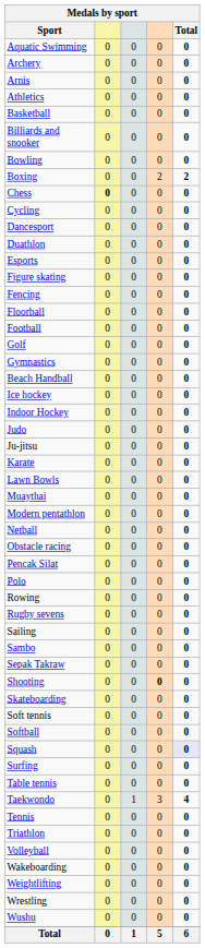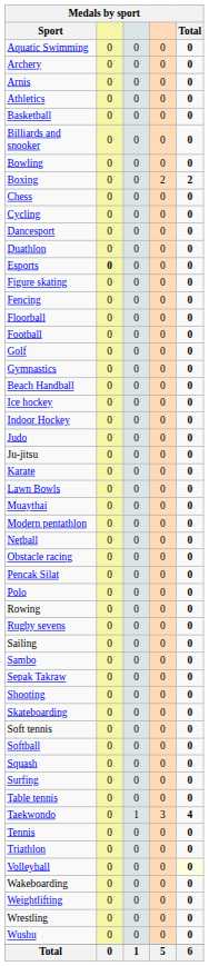 <table class="wikitable" style="font-size:90%; text-align:center;">
 <tr>
 <th colspan=5>Medals by sport</th>
 </tr>
 <tr>
 <th width=120>Sport</th>
 <th scope="col" width=30 style="background:#F7F6A8;"></th>
 <th scope="col" width=30 style="background:#DCE5E5;"></th>
 <th scope="col" width=30 style="background:#FFDAB9;"></th>
 <th width=30>Total</th>
 </tr>
 <tr>
 <td align="left"><a href='#'>Aquatic Swimming</a></td>
 <td style="background:#F7F6A8;">0</td>
 <td style="background:#DCE5E5;">0</td>
 <td style="background:#FFDAB9;">0</td>
 <td><strong>0</strong></td>
 </tr>
 <tr>
 <td align=left><a href='#'>Archery</a></td>
 <td style="background:#F7F6A8;">0</td>
 <td style="background:#DCE5E5;">0</td>
 <td style="background:#FFDAB9;">0</td>
 <td><strong>0</strong></td>
 </tr>
 <tr>
 <td align=left><a href='#'>Arnis</a></td>
 <td style="background:#F7F6A8;">0</td>
 <td style="background:#DCE5E5;">0</td>
 <td style="background:#FFDAB9;">0</td>
 <td><strong>0</strong></td>
 </tr>
 <tr>
 <td align=left><a href='#'>Athletics</a></td>
 <td style="background:#F7F6A8;">0</td>
 <td style="background:#DCE5E5;">0</td>
 <td style="background:#FFDAB9;">0</td>
 <td><strong>0</strong></td>
 </tr>
 <tr>
 <td align=left><a href='#'>Basketball</a></td>
 <td style="background:#F7F6A8;">0</td>
 <td style="background:#DCE5E5;">0</td>
 <td style="background:#FFDAB9;">0</td>
 <td><strong>0</strong></td>
 </tr>
 <tr>
 <td align=left><a href='#'>Billiards and snooker</a></td>
 <td style="background:#F7F6A8;">0</td>
 <td style="background:#DCE5E5;">0</td>
 <td style="background:#FFDAB9;">0</td>
 <td><strong>0</strong></td>
 </tr>
 <tr>
 <td align=left><a href='#'>Bowling</a></td>
 <td style="background:#F7F6A8;">0</td>
 <td style="background:#DCE5E5;">0</td>
 <td style="background:#FFDAB9;">0</td>
 <td><strong>0</strong></td>
 </tr>
 <tr>
 <td align=left><a href='#'>Boxing</a></td>
 <td style="background:#F7F6A8;">0</td>
 <td style="background:#DCE5E5;">0</td>
 <td style="background:#FFDAB9;">2</td>
 <td><strong>2</strong></td>
 </tr>
 <tr>
 <td align=left><a href='#'>Chess</a></td>
-<td style="background:#F7F6A8;"><strong>0</strong></td>
+<td style="background:#F7F6A8;">0</td>
 <td style="background:#DCE5E5;">0</td>
 <td style="background:#FFDAB9;">0</td>
 <td><strong>0</strong></td>
 </tr>
 <tr>
 <td align=left><a href='#'>Cycling</a></td>
 <td style="background:#F7F6A8;">0</td>
 <td style="background:#DCE5E5;">0</td>
 <td style="background:#FFDAB9;">0</td>
 <td><strong>0</strong></td>
 </tr>
 <tr>
 <td align=left><a href='#'>Dancesport</a></td>
 <td style="background:#F7F6A8;">0</td>
 <td style="background:#DCE5E5;">0</td>
 <td style="background:#FFDAB9;">0</td>
 <td><strong>0</strong></td>
 </tr>
 <tr>
 <td align=left><a href='#'>Duathlon</a></td>
 <td style="background:#F7F6A8;">0</td>
 <td style="background:#DCE5E5;">0</td>
 <td style="background:#FFDAB9;">0</td>
 <td><strong>0</strong></td>
 </tr>
 <tr>
 <td align=left><a href='#'>Esports</a></td>
-<td style="background:#F7F6A8;">0</td>
+<td style="background:#F7F6A8;"><strong>0</strong></td>
 <td style="background:#DCE5E5;">0</td>
 <td style="background:#FFDAB9;">0</td>
 <td><strong>0</strong></td>
 </tr>
 <tr>
 <td align=left><a href='#'>Figure skating</a></td>
 <td style="background:#F7F6A8;">0</td>
 <td style="background:#DCE5E5;">0</td>
 <td style="background:#FFDAB9;">0</td>
 <td><strong>0</strong></td>
 </tr>
 <tr>
 <td align=left><a href='#'>Fencing</a></td>
 <td style="background:#F7F6A8;">0</td>
 <td style="background:#DCE5E5;">0</td>
 <td style="background:#FFDAB9;">0</td>
 <td><strong>0</strong></td>
 </tr>
 <tr>
 <td align=left><a href='#'>Floorball</a></td>
 <td style="background:#F7F6A8;">0</td>
 <td style="background:#DCE5E5;">0</td>
 <td style="background:#FFDAB9;">0</td>
 <td><strong>0</strong></td>
 </tr>
 <tr>
 <td align=left><a href='#'>Football</a></td>
 <td style="background:#F7F6A8;">0</td>
 <td style="background:#DCE5E5;">0</td>
 <td style="background:#FFDAB9;">0</td>
 <td><strong>0</strong></td>
 </tr>
 <tr>
 <td align=left><a href='#'>Golf</a></td>
 <td style="background:#F7F6A8;">0</td>
 <td style="background:#DCE5E5;">0</td>
 <td style="background:#FFDAB9;">0</td>
 <td><strong>0</strong></td>
 </tr>
 <tr>
 <td align=left><a href='#'>Gymnastics</a></td>
 <td style="background:#F7F6A8;">0</td>
 <td style="background:#DCE5E5;">0</td>
 <td style="background:#FFDAB9;">0</td>
 <td><strong>0</strong></td>
 </tr>
 <tr>
 <td align=left><a href='#'>Beach Handball</a></td>
 <td style="background:#F7F6A8;">0</td>
 <td style="background:#DCE5E5;">0</td>
 <td style="background:#FFDAB9;">0</td>
 <td><strong>0</strong></td>
 </tr>
 <tr>
 <td align=left><a href='#'>Ice hockey</a></td>
 <td style="background:#F7F6A8;">0</td>
 <td style="background:#DCE5E5;">0</td>
 <td style="background:#FFDAB9;">0</td>
 <td><strong>0</strong></td>
 </tr>
 <tr>
 <td align=left><a href='#'>Indoor Hockey</a></td>
 <td style="background:#F7F6A8;">0</td>
 <td style="background:#DCE5E5;">0</td>
 <td style="background:#FFDAB9;">0</td>
 <td><strong>0</strong></td>
 </tr>
 <tr>
 <td align=left><a href='#'>Judo</a></td>
 <td style="background:#F7F6A8;">0</td>
 <td style="background:#DCE5E5;">0</td>
 <td style="background:#FFDAB9;">0</td>
 <td><strong>0</strong></td>
 </tr>
 <tr>
 <td align=left>Ju-jitsu</td>
 <td style="background:#F7F6A8;">0</td>
 <td style="background:#DCE5E5;">0</td>
 <td style="background:#FFDAB9;">0</td>
 <td><strong>0</strong></td>
 </tr>
 <tr>
 <td align=left><a href='#'>Karate</a></td>
 <td style="background:#F7F6A8;">0</td>
 <td style="background:#DCE5E5;">0</td>
 <td style="background:#FFDAB9;">0</td>
 <td><strong>0</strong></td>
 </tr>
 <tr>
 <td align=left><a href='#'>Lawn Bowls</a></td>
 <td style="background:#F7F6A8;">0</td>
 <td style="background:#DCE5E5;">0</td>
 <td style="background:#FFDAB9;">0</td>
 <td><strong>0</strong></td>
 </tr>
 <tr>
 <td align=left><a href='#'>Muaythai</a></td>
 <td style="background:#F7F6A8;">0</td>
 <td style="background:#DCE5E5;">0</td>
 <td style="background:#FFDAB9;">0</td>
 <td><strong>0</strong></td>
 </tr>
 <tr>
 <td align=left><a href='#'>Modern pentathlon</a></td>
 <td style="background:#F7F6A8;">0</td>
 <td style="background:#DCE5E5;">0</td>
 <td style="background:#FFDAB9;">0</td>
 <td><strong>0</strong></td>
 </tr>
 <tr>
 <td align=left><a href='#'>Netball</a></td>
 <td style="background:#F7F6A8;">0</td>
 <td style="background:#DCE5E5;">0</td>
 <td style="background:#FFDAB9;">0</td>
 <td><strong>0</strong></td>
 </tr>
 <tr>
 <td align=left><a href='#'>Obstacle racing</a></td>
 <td style="background:#F7F6A8;">0</td>
 <td style="background:#DCE5E5;">0</td>
 <td style="background:#FFDAB9;">0</td>
 <td><strong>0</strong></td>
 </tr>
 <tr>
 <td align=left><a href='#'>Pencak Silat</a></td>
 <td style="background:#F7F6A8;">0</td>
 <td style="background:#DCE5E5;">0</td>
 <td style="background:#FFDAB9;">0</td>
 <td><strong>0</strong></td>
 </tr>
 <tr>
 <td align=left><a href='#'>Polo</a></td>
 <td style="background:#F7F6A8;">0</td>
 <td style="background:#DCE5E5;">0</td>
 <td style="background:#FFDAB9;">0</td>
 <td><strong>0</strong></td>
 </tr>
 <tr>
 <td align=left>Rowing</td>
 <td style="background:#F7F6A8;">0</td>
 <td style="background:#DCE5E5;">0</td>
 <td style="background:#FFDAB9;">0</td>
 <td><strong>0</strong></td>
 </tr>
 <tr>
 <td align=left><a href='#'>Rugby sevens</a></td>
 <td style="background:#F7F6A8;">0</td>
 <td style="background:#DCE5E5;">0</td>
 <td style="background:#FFDAB9;">0</td>
 <td><strong>0</strong></td>
 </tr>
 <tr>
 <td align=left>Sailing</td>
 <td style="background:#F7F6A8;">0</td>
 <td style="background:#DCE5E5;">0</td>
 <td style="background:#FFDAB9;">0</td>
 <td><strong>0</strong></td>
 </tr>
 <tr>
 <td align=left><a href='#'>Sambo</a></td>
 <td style="background:#F7F6A8;">0</td>
 <td style="background:#DCE5E5;">0</td>
 <td style="background:#FFDAB9;">0</td>
 <td><strong>0</strong></td>
 </tr>
 <tr>
 <td align=left><a href='#'>Sepak Takraw</a></td>
 <td style="background:#F7F6A8;">0</td>
 <td style="background:#DCE5E5;">0</td>
 <td style="background:#FFDAB9;">0</td>
 <td><strong>0</strong></td>
 </tr>
 <tr>
 <td align=left><a href='#'>Shooting</a></td>
 <td style="background:#F7F6A8;">0</td>
 <td style="background:#DCE5E5;">0</td>
-<td style="background:#FFDAB9;"><strong>0</strong></td>
+<td style="background:#FFDAB9;">0</td>
 <td><strong>0</strong></td>
 </tr>
 <tr>
 <td align=left><a href='#'>Skateboarding</a></td>
 <td style="background:#F7F6A8;">0</td>
 <td style="background:#DCE5E5;">0</td>
 <td style="background:#FFDAB9;">0</td>
 <td><strong>0</strong></td>
 </tr>
 <tr>
 <td align=left>Soft tennis</td>
 <td style="background:#F7F6A8;">0</td>
 <td style="background:#DCE5E5;">0</td>
 <td style="background:#FFDAB9;">0</td>
 <td><strong>0</strong></td>
 </tr>
 <tr>
 <td align=left><a href='#'>Softball</a></td>
 <td style="background:#F7F6A8;">0</td>
 <td style="background:#DCE5E5;">0</td>
 <td style="background:#FFDAB9;">0</td>
 <td><strong>0</strong></td>
 </tr>
 <tr>
 <td align=left><a href='#'>Squash</a></td>
 <td style="background:#F7F6A8;">0</td>
 <td style="background:#DCE5E5;">0</td>
 <td style="background:#FFDAB9;">0</td>
-<td style="background: lavender;"><strong>0</strong></td>
+<td><strong>0</strong></td>
 </tr>
 <tr>
 <td align=left><a href='#'>Surfing</a></td>
 <td style="background:#F7F6A8;">0</td>
 <td style="background:#DCE5E5;">0</td>
 <td style="background:#FFDAB9;">0</td>
 <td><strong>0</strong></td>
 </tr>
 <tr>
 <td align=left><a href='#'>Table tennis</a></td>
 <td style="background:#F7F6A8;">0</td>
 <td style="background:#DCE5E5;">0</td>
 <td style="background:#FFDAB9;">0</td>
 <td><strong>0</strong></td>
 </tr>
 <tr>
 <td align=left><a href='#'>Taekwondo</a></td>
 <td style="background:#F7F6A8;">0</td>
 <td style="background:#DCE5E5;">1</td>
 <td style="background:#FFDAB9;">3</td>
 <td><strong>4</strong></td>
 </tr>
 <tr>
 <td align=left><a href='#'>Tennis</a></td>
 <td style="background:#F7F6A8;">0</td>
 <td style="background:#DCE5E5;">0</td>
 <td style="background:#FFDAB9;">0</td>
 <td><strong>0</strong></td>
 </tr>
 <tr>
 <td align=left><a href='#'>Triathlon</a></td>
 <td style="background:#F7F6A8;">0</td>
 <td style="background:#DCE5E5;">0</td>
 <td style="background:#FFDAB9;">0</td>
 <td><strong>0</strong></td>
 </tr>
 <tr>
 <td align=left><a href='#'>Volleyball</a></td>
 <td style="background:#F7F6A8;">0</td>
 <td style="background:#DCE5E5;">0</td>
 <td style="background:#FFDAB9;">0</td>
-<td><strong>0</strong></td>
+<td style="background: lightyellow;"><strong>0</strong></td>
 </tr>
 <tr>
 <td align=left>Wakeboarding</td>
 <td style="background:#F7F6A8;">0</td>
 <td style="background:#DCE5E5;">0</td>
 <td style="background:#FFDAB9;">0</td>
 <td><strong>0</strong></td>
 </tr>
 <tr>
 <td align=left><a href='#'>Weightlifting</a></td>
 <td style="background:#F7F6A8;">0</td>
 <td style="background:#DCE5E5;">0</td>
 <td style="background:#FFDAB9;">0</td>
 <td><strong>0</strong></td>
 </tr>
 <tr>
 <td align=left>Wrestling</td>
 <td style="background:#F7F6A8;">0</td>
 <td style="background:#DCE5E5;">0</td>
 <td style="background:#FFDAB9;">0</td>
 <td><strong>0</strong></td>
 </tr>
 <tr>
 <td align=left><a href='#'>Wushu</a></td>
 <td style="background:#F7F6A8;">0</td>
 <td style="background:#DCE5E5;">0</td>
 <td style="background:#FFDAB9;">0</td>
 <td><strong>0</strong></td>
 </tr>
 <tr>
 </tr>
 <tr class="sortbottom">
 <th>Total</th>
 <th>0</th>
 <th>1</th>
 <th>5</th>
 <th>6</th>
 </tr>
 </table>
